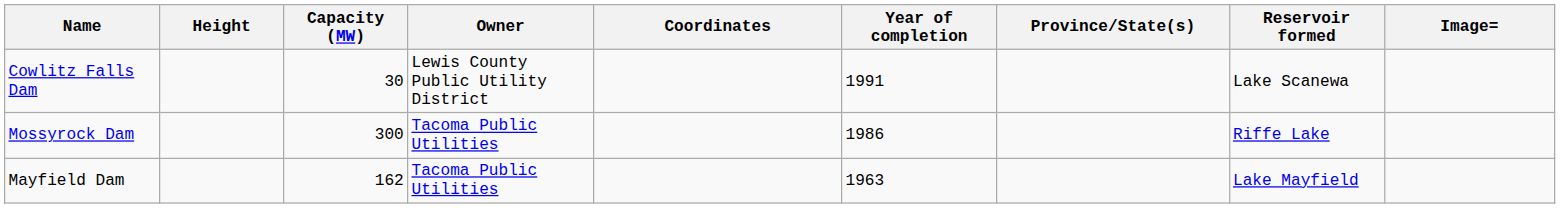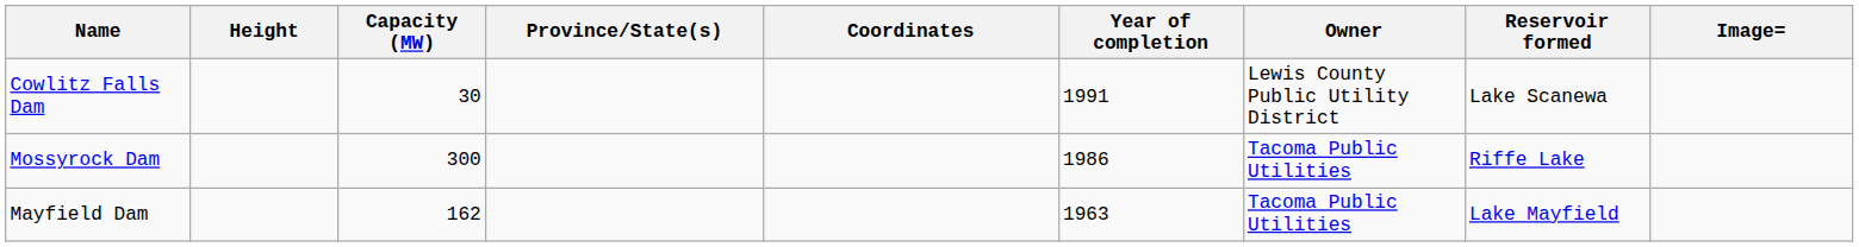 <table class="wikitable sortable" border="1">
 <tr>
 <th width="10%">Name</th>
 <th width="8%">Height</th>
 <th width="8%">Capacity (<a href='#'>MW</a>)</th>
-<th width="12%">Owner</th>
+<th width="15%">Province/State(s)</th>
 <th width="16%">Coordinates</th>
 <th width="10%">Year of completion</th>
-<th width="15%">Province/State(s)</th>
+<th width="12%">Owner</th>
 <th width="10%">Reservoir formed</th>
 <th>Image=</th>
 </tr>
 <tr>
 <td><a href='#'>Cowlitz Falls Dam</a></td>
 <td></td>
 <td align=right>30</td>
-<td>Lewis County Public Utility District</td>
+<td></td>
 <td></td>
 <td>1991</td>
-<td></td>
+<td>Lewis County Public Utility District</td>
 <td>Lake Scanewa</td>
 <td><br></td>
 </tr>
 <tr>
 <td><a href='#'>Mossyrock Dam</a></td>
 <td></td>
 <td align=right>300</td>
-<td><a href='#'>Tacoma Public Utilities</a></td>
+<td></td>
 <td></td>
 <td>1986</td>
-<td></td>
+<td><a href='#'>Tacoma Public Utilities</a></td>
 <td><a href='#'>Riffe Lake</a></td>
 <td></td>
 </tr>
 <tr>
 <td>Mayfield Dam</td>
 <td></td>
 <td align=right>162</td>
-<td><a href='#'>Tacoma Public Utilities</a></td>
+<td></td>
 <td></td>
 <td>1963</td>
-<td></td>
+<td><a href='#'>Tacoma Public Utilities</a></td>
 <td><a href='#'>Lake Mayfield</a></td>
 <td></td>
 </tr>
 </table>
